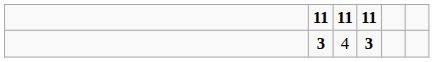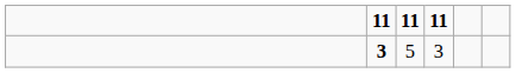 <table class="wikitable">
 <tr>
 <td style="width:18em"><strong></strong></td>
 <td align=center style="width:1em"><strong>11</strong></td>
 <td align=center style="width:1em"><strong>11</strong></td>
 <td align=center style="width:1em"><strong>11</strong></td>
 <td align=center style="width:1em"></td>
 <td align=center style="width:1em"></td>
 </tr>
 <tr>
 <td style="width:18em"></td>
 <td align=center style="width:1em"><strong>3</strong></td>
-<td align=center style="width:1em">4</td>
-<td align=center style="width:1em"><strong>3</strong></td>
+<td align=center style="width:1em">5</td>
+<td align=center style="width:1em">3</td>
 <td align=center style="width:1em"></td>
 <td align=center style="width:1em"></td>
 </tr>
 </table>
